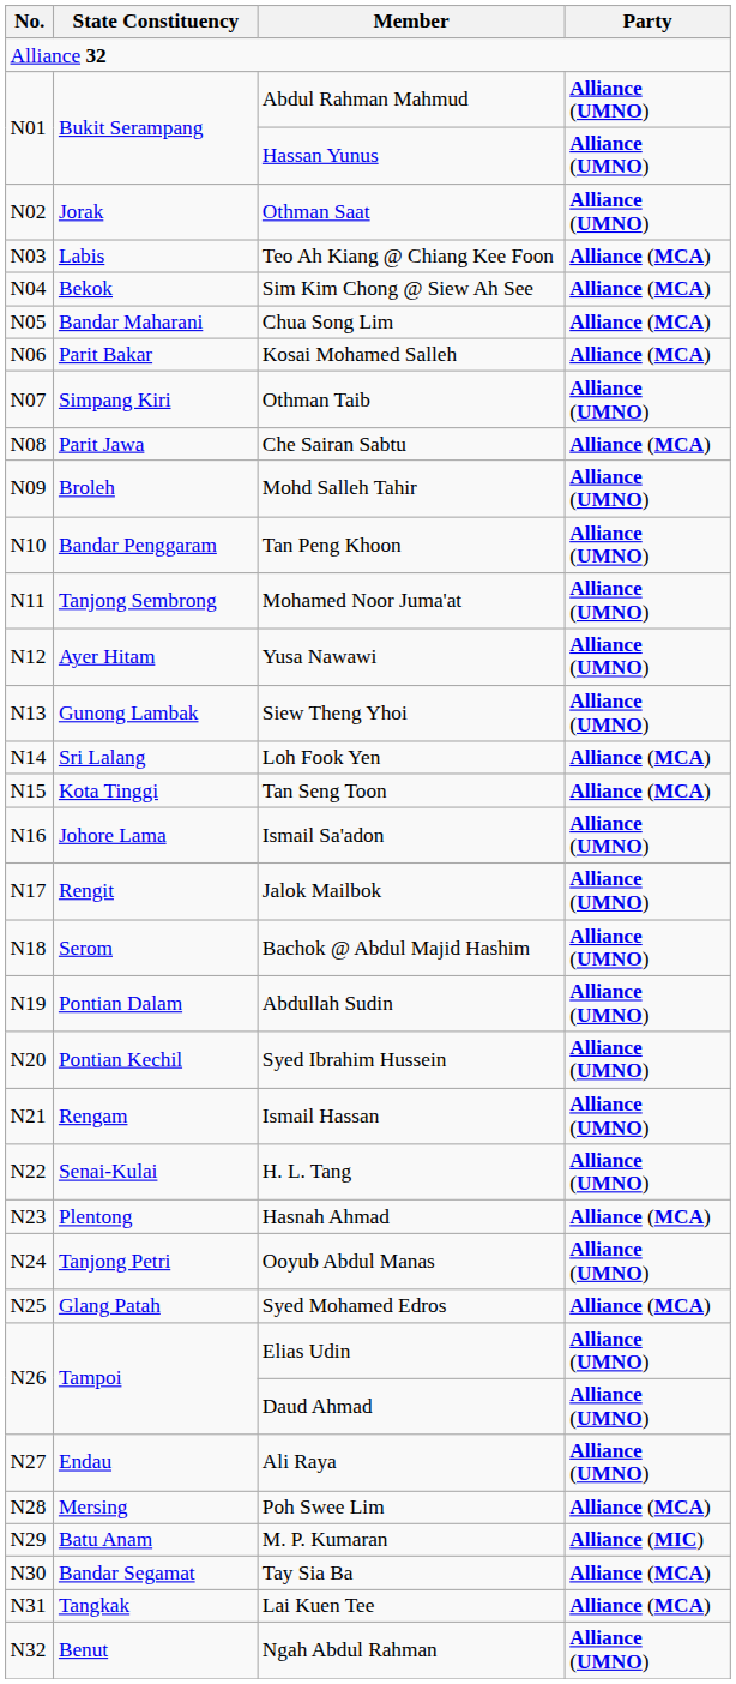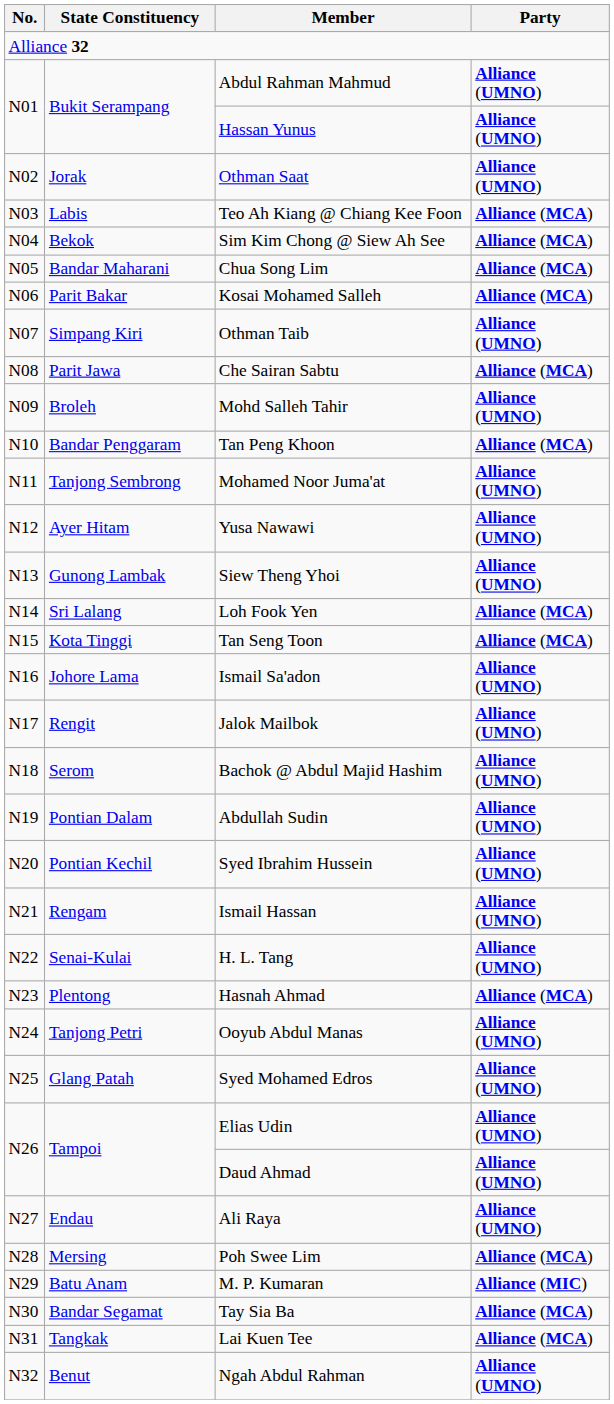 <table class="wikitable sortable">
 <tr>
 <th style="width:30px;">No.</th>
 <th style="width:150px;">State Constituency</th>
 <th style="width:230px;">Member</th>
 <th style="width:120px;">Party</th>
 </tr>
 <tr>
 <td colspan="4"><a href='#'>Alliance</a> <strong>32</strong></td>
 </tr>
 <tr>
 <td rowspan=2>N01</td>
 <td rowspan=2><a href='#'>Bukit Serampang</a></td>
 <td>Abdul Rahman Mahmud </td>
 <td><strong><a href='#'>Alliance</a></strong> (<strong><a href='#'>UMNO</a></strong>)</td>
 </tr>
 <tr>
 <td><a href='#'>Hassan Yunus</a> </td>
 <td><strong><a href='#'>Alliance</a></strong> (<strong><a href='#'>UMNO</a></strong>)</td>
 </tr>
 <tr>
 <td>N02</td>
 <td><a href='#'>Jorak</a></td>
 <td><a href='#'>Othman Saat</a></td>
 <td><strong><a href='#'>Alliance</a></strong> (<strong><a href='#'>UMNO</a></strong>)</td>
 </tr>
 <tr>
 <td>N03</td>
 <td><a href='#'>Labis</a></td>
 <td>Teo Ah Kiang @ Chiang Kee Foon</td>
 <td><strong><a href='#'>Alliance</a></strong> (<strong><a href='#'>MCA</a></strong>)</td>
 </tr>
 <tr>
 <td>N04</td>
 <td><a href='#'>Bekok</a></td>
 <td>Sim Kim Chong @ Siew Ah See</td>
 <td><strong><a href='#'>Alliance</a></strong> (<strong><a href='#'>MCA</a></strong>)</td>
 </tr>
 <tr>
 <td>N05</td>
 <td><a href='#'>Bandar Maharani</a></td>
 <td>Chua Song Lim</td>
 <td><strong><a href='#'>Alliance</a></strong> (<strong><a href='#'>MCA</a></strong>)</td>
 </tr>
 <tr>
 <td>N06</td>
 <td><a href='#'>Parit Bakar</a></td>
 <td>Kosai Mohamed Salleh</td>
 <td><strong><a href='#'>Alliance</a></strong> (<strong><a href='#'>MCA</a></strong>)</td>
 </tr>
 <tr>
 <td>N07</td>
 <td><a href='#'>Simpang Kiri</a></td>
 <td>Othman Taib</td>
 <td><strong><a href='#'>Alliance</a></strong> (<strong><a href='#'>UMNO</a></strong>)</td>
 </tr>
 <tr>
 <td>N08</td>
 <td><a href='#'>Parit Jawa</a></td>
 <td>Che Sairan Sabtu</td>
 <td><strong><a href='#'>Alliance</a></strong> (<strong><a href='#'>MCA</a></strong>)</td>
 </tr>
 <tr>
 <td>N09</td>
 <td><a href='#'>Broleh</a></td>
 <td>Mohd Salleh Tahir</td>
 <td><strong><a href='#'>Alliance</a></strong> (<strong><a href='#'>UMNO</a></strong>)</td>
 </tr>
 <tr>
 <td>N10</td>
 <td><a href='#'>Bandar Penggaram</a></td>
 <td>Tan Peng Khoon</td>
-<td><strong><a href='#'>Alliance</a></strong> (<strong><a href='#'>UMNO</a></strong>)</td>
+<td><strong><a href='#'>Alliance</a></strong> (<strong><a href='#'>MCA</a></strong>)</td>
 </tr>
 <tr>
 <td>N11</td>
 <td><a href='#'>Tanjong Sembrong</a></td>
 <td>Mohamed Noor Juma'at</td>
 <td><strong><a href='#'>Alliance</a></strong> (<strong><a href='#'>UMNO</a></strong>)</td>
 </tr>
 <tr>
 <td>N12</td>
 <td><a href='#'>Ayer Hitam</a></td>
 <td>Yusa Nawawi</td>
 <td><strong><a href='#'>Alliance</a></strong> (<strong><a href='#'>UMNO</a></strong>)</td>
 </tr>
 <tr>
 <td>N13</td>
 <td><a href='#'>Gunong Lambak</a></td>
 <td>Siew Theng Yhoi</td>
 <td><strong><a href='#'>Alliance</a></strong> (<strong><a href='#'>UMNO</a></strong>)</td>
 </tr>
 <tr>
 <td>N14</td>
 <td><a href='#'>Sri Lalang</a></td>
 <td>Loh Fook Yen</td>
 <td><strong><a href='#'>Alliance</a></strong> (<strong><a href='#'>MCA</a></strong>)</td>
 </tr>
 <tr>
 <td>N15</td>
 <td><a href='#'>Kota Tinggi</a></td>
 <td>Tan Seng Toon</td>
 <td><strong><a href='#'>Alliance</a></strong> (<strong><a href='#'>MCA</a></strong>)</td>
 </tr>
 <tr>
 <td>N16</td>
 <td><a href='#'>Johore Lama</a></td>
 <td>Ismail Sa'adon</td>
 <td><strong><a href='#'>Alliance</a></strong> (<strong><a href='#'>UMNO</a></strong>)</td>
 </tr>
 <tr>
 <td>N17</td>
 <td><a href='#'>Rengit</a></td>
 <td>Jalok Mailbok</td>
 <td><strong><a href='#'>Alliance</a></strong> (<strong><a href='#'>UMNO</a></strong>)</td>
 </tr>
 <tr>
 <td>N18</td>
 <td><a href='#'>Serom</a></td>
 <td>Bachok @ Abdul Majid Hashim</td>
 <td><strong><a href='#'>Alliance</a></strong> (<strong><a href='#'>UMNO</a></strong>)</td>
 </tr>
 <tr>
 <td>N19</td>
 <td><a href='#'>Pontian Dalam</a></td>
 <td>Abdullah Sudin</td>
 <td><strong><a href='#'>Alliance</a></strong> (<strong><a href='#'>UMNO</a></strong>)</td>
 </tr>
 <tr>
 <td>N20</td>
 <td><a href='#'>Pontian Kechil</a></td>
 <td>Syed Ibrahim Hussein</td>
 <td><strong><a href='#'>Alliance</a></strong> (<strong><a href='#'>UMNO</a></strong>)</td>
 </tr>
 <tr>
 <td>N21</td>
 <td><a href='#'>Rengam</a></td>
 <td>Ismail Hassan</td>
 <td><strong><a href='#'>Alliance</a></strong> (<strong><a href='#'>UMNO</a></strong>)</td>
 </tr>
 <tr>
 <td>N22</td>
 <td><a href='#'>Senai-Kulai</a></td>
 <td>H. L. Tang</td>
 <td><strong><a href='#'>Alliance</a></strong> (<strong><a href='#'>UMNO</a></strong>)</td>
 </tr>
 <tr>
 <td>N23</td>
 <td><a href='#'>Plentong</a></td>
 <td>Hasnah Ahmad</td>
 <td><strong><a href='#'>Alliance</a></strong> (<strong><a href='#'>MCA</a></strong>)</td>
 </tr>
 <tr>
 <td>N24</td>
 <td><a href='#'>Tanjong Petri</a></td>
 <td>Ooyub Abdul Manas</td>
 <td><strong><a href='#'>Alliance</a></strong> (<strong><a href='#'>UMNO</a></strong>)</td>
 </tr>
 <tr>
 <td>N25</td>
 <td><a href='#'>Glang Patah</a></td>
 <td>Syed Mohamed Edros</td>
-<td><strong><a href='#'>Alliance</a></strong> (<strong><a href='#'>MCA</a></strong>)</td>
+<td><strong><a href='#'>Alliance</a></strong> (<strong><a href='#'>UMNO</a></strong>)</td>
 </tr>
 <tr>
 <td rowspan=2>N26</td>
 <td rowspan=2><a href='#'>Tampoi</a></td>
 <td>Elias Udin </td>
 <td><strong><a href='#'>Alliance</a></strong> (<strong><a href='#'>UMNO</a></strong>)</td>
 </tr>
 <tr>
 <td>Daud Ahmad </td>
 <td><strong><a href='#'>Alliance</a></strong> (<strong><a href='#'>UMNO</a></strong>)</td>
 </tr>
 <tr>
 <td>N27</td>
 <td><a href='#'>Endau</a></td>
 <td>Ali Raya</td>
 <td><strong><a href='#'>Alliance</a></strong> (<strong><a href='#'>UMNO</a></strong>)</td>
 </tr>
 <tr>
 <td>N28</td>
 <td><a href='#'>Mersing</a></td>
 <td>Poh Swee Lim</td>
 <td><strong><a href='#'>Alliance</a></strong> (<strong><a href='#'>MCA</a></strong>)</td>
 </tr>
 <tr>
 <td>N29</td>
 <td><a href='#'>Batu Anam</a></td>
 <td>M. P. Kumaran</td>
 <td><strong><a href='#'>Alliance</a></strong> (<strong><a href='#'>MIC</a></strong>)</td>
 </tr>
 <tr>
 <td>N30</td>
 <td><a href='#'>Bandar Segamat</a></td>
 <td>Tay Sia Ba</td>
 <td><strong><a href='#'>Alliance</a></strong> (<strong><a href='#'>MCA</a></strong>)</td>
 </tr>
 <tr>
 <td>N31</td>
 <td><a href='#'>Tangkak</a></td>
 <td>Lai Kuen Tee</td>
 <td><strong><a href='#'>Alliance</a></strong> (<strong><a href='#'>MCA</a></strong>)</td>
 </tr>
 <tr>
 <td>N32</td>
 <td><a href='#'>Benut</a></td>
 <td>Ngah Abdul Rahman</td>
 <td><strong><a href='#'>Alliance</a></strong> (<strong><a href='#'>UMNO</a></strong>)</td>
 </tr>
 </table>
